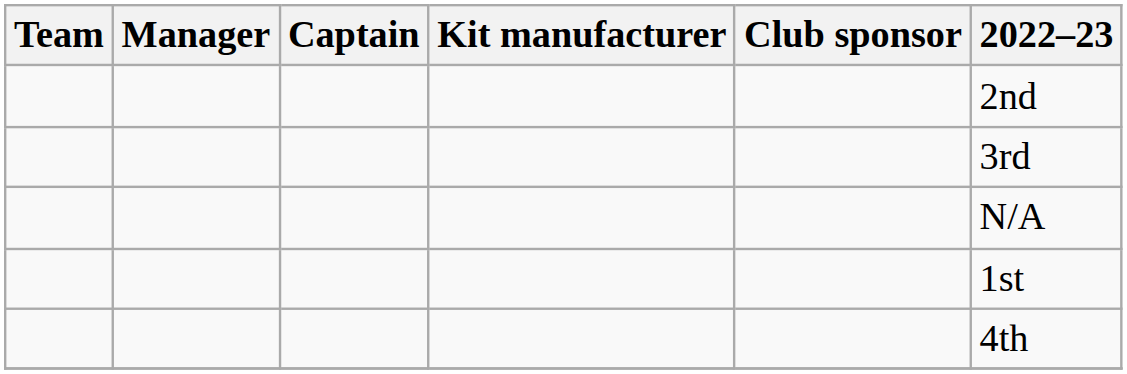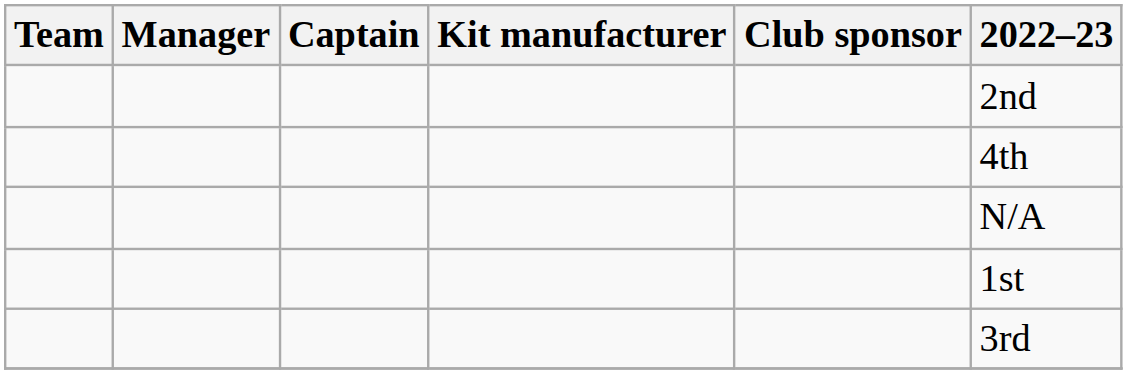 <table class="wikitable sortable" style="text-align: left;">
 <tr>
 <th>Team</th>
 <th>Manager</th>
 <th>Captain</th>
 <th>Kit manufacturer</th>
 <th>Club sponsor</th>
 <th>2022–23</th>
 </tr>
 <tr>
 <td></td>
 <td></td>
 <td></td>
 <td></td>
 <td></td>
 <td>2nd</td>
 </tr>
 <tr>
 <td></td>
 <td></td>
 <td></td>
 <td></td>
 <td></td>
-<td>3rd</td>
+<td>4th</td>
 </tr>
 <tr>
 <td></td>
 <td></td>
 <td></td>
 <td></td>
 <td></td>
 <td>N/A</td>
 </tr>
 <tr>
 <td></td>
 <td></td>
 <td></td>
 <td></td>
 <td></td>
 <td>1st</td>
 </tr>
 <tr>
 <td></td>
 <td></td>
 <td></td>
 <td></td>
 <td></td>
-<td>4th</td>
+<td>3rd</td>
 </tr>
 <tr>
 </tr>
 </table>
